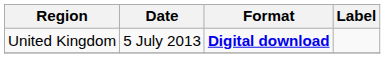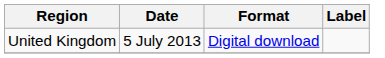 <table class=wikitable>
 <tr>
 <th>Region</th>
 <th>Date</th>
 <th>Format</th>
 <th>Label</th>
 </tr>
 <tr>
 <td>United Kingdom</td>
 <td>5 July 2013</td>
-<td><strong><a href='#'>Digital download</a></strong></td>
+<td><a href='#'>Digital download</a></td>
 <td></td>
 </tr>
 <tr>
 </tr>
 </table>
